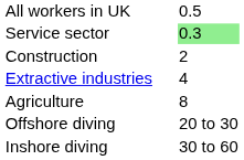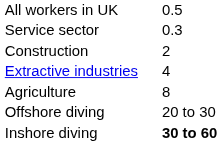 <table>
 <tr>
 <td>All workers in UK</td>
 <td>    </td>
 <td>0.5</td>
 </tr>
 <tr>
 <td>Service sector</td>
 <td></td>
-<td style="background: lightgreen;">0.3</td>
+<td>0.3</td>
 </tr>
 <tr>
 <td>Construction</td>
 <td></td>
 <td>2</td>
 </tr>
 <tr>
 <td><a href='#'>Extractive industries</a></td>
 <td></td>
 <td>4</td>
 </tr>
 <tr>
 <td>Agriculture</td>
 <td></td>
 <td>8</td>
 </tr>
 <tr>
 <td>Offshore diving</td>
 <td></td>
 <td>20 to 30</td>
 </tr>
 <tr>
 <td>Inshore diving</td>
 <td></td>
-<td>30 to 60</td>
+<td><strong>30 to 60</strong></td>
 </tr>
 </table>
